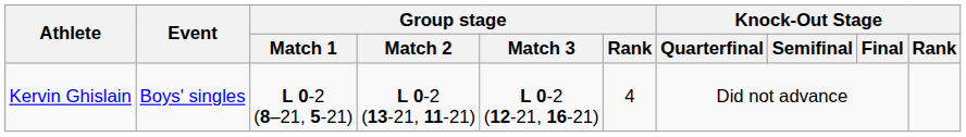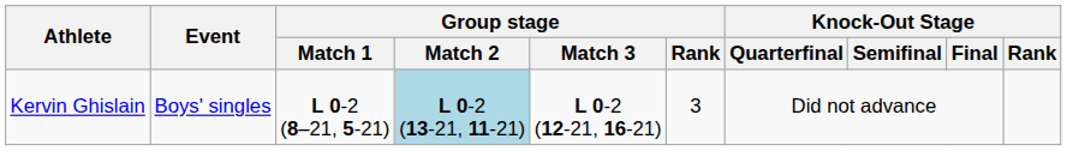 <table class=wikitable style="font-size:90%">
 <tr>
 <th rowspan=2>Athlete</th>
 <th rowspan=2>Event</th>
 <th colspan=4>Group stage</th>
 <th colspan=4>Knock-Out Stage</th>
 </tr>
 <tr>
 <th>Match 1</th>
 <th>Match 2</th>
 <th>Match 3</th>
 <th>Rank</th>
 <th>Quarterfinal</th>
 <th>Semifinal</th>
 <th>Final</th>
 <th>Rank</th>
 </tr>
 <tr>
 <td><a href='#'>Kervin Ghislain</a></td>
 <td align=center><a href='#'>Boys' singles</a></td>
 <td align=center><br><strong>L</strong> <strong>0</strong>-2<br> (<strong>8</strong>–21, <strong>5</strong>-21)</td>
-<td align=center><br><strong>L</strong> <strong>0</strong>-2<br> (<strong>13</strong>-21, <strong>11</strong>-21)</td>
+<td align=center style="background: lightblue;"><br><strong>L</strong> <strong>0</strong>-2<br> (<strong>13</strong>-21, <strong>11</strong>-21)</td>
 <td align=center><br><strong>L</strong> <strong>0</strong>-2<br> (<strong>12</strong>-21, <strong>16</strong>-21)</td>
-<td align=center>4</td>
+<td align=center>3</td>
 <td align="center" colspan="3">Did not advance</td>
 <td></td>
 </tr>
 </table>
